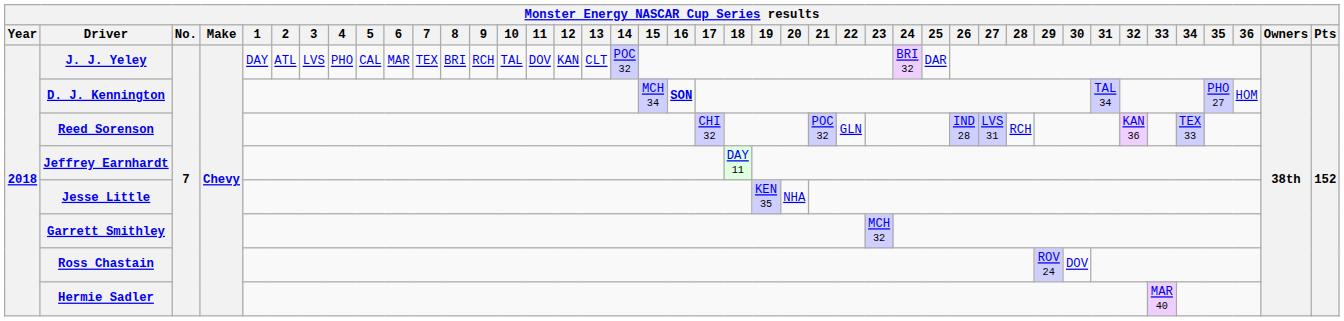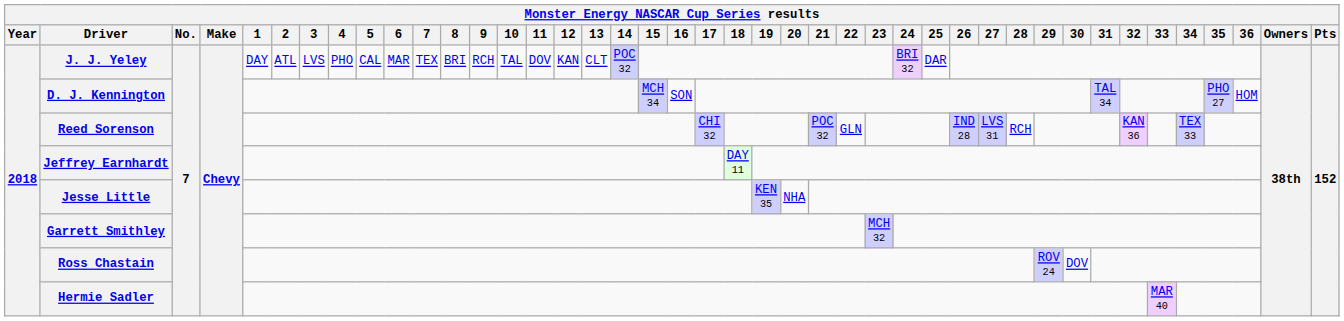 <table class="wikitable" style="text-align:center; font-size:75%">
 <tr>
 <th colspan=45><a href='#'>Monster Energy NASCAR Cup Series</a> results</th>
 </tr>
 <tr>
 <th>Year</th>
 <th>Driver</th>
 <th>No.</th>
 <th>Make</th>
 <th>1</th>
 <th>2</th>
 <th>3</th>
 <th>4</th>
 <th>5</th>
 <th>6</th>
 <th>7</th>
 <th>8</th>
 <th>9</th>
 <th>10</th>
 <th>11</th>
 <th>12</th>
 <th>13</th>
 <th>14</th>
 <th>15</th>
 <th>16</th>
 <th>17</th>
 <th>18</th>
 <th>19</th>
 <th>20</th>
 <th>21</th>
 <th>22</th>
 <th>23</th>
 <th>24</th>
 <th>25</th>
 <th>26</th>
 <th>27</th>
 <th>28</th>
 <th>29</th>
 <th>30</th>
 <th>31</th>
 <th>32</th>
 <th>33</th>
 <th>34</th>
 <th>35</th>
 <th>36</th>
 <th>Owners</th>
 <th>Pts</th>
 </tr>
 <tr>
 <th rowspan=8><a href='#'>2018</a></th>
 <th><a href='#'>J. J. Yeley</a></th>
 <th rowspan=8>7</th>
 <th rowspan=8><a href='#'>Chevy</a></th>
 <td><a href='#'>DAY</a></td>
 <td><a href='#'>ATL</a></td>
 <td><a href='#'>LVS</a></td>
 <td><a href='#'>PHO</a></td>
 <td><a href='#'>CAL</a></td>
 <td><a href='#'>MAR</a></td>
 <td><a href='#'>TEX</a></td>
 <td><a href='#'>BRI</a></td>
 <td><a href='#'>RCH</a></td>
 <td><a href='#'>TAL</a></td>
 <td><a href='#'>DOV</a></td>
 <td><a href='#'>KAN</a></td>
 <td><a href='#'>CLT</a></td>
 <td style="background:#CFCFFF;"><a href='#'>POC</a><br><small>32</small></td>
 <td colspan=9></td>
 <td style="background:#EFCFFF;"><a href='#'>BRI</a><br><small>32</small></td>
 <td><a href='#'>DAR</a></td>
 <td colspan=11></td>
 <th rowspan=8>38th</th>
 <th rowspan=8>152</th>
 </tr>
 <tr>
 <th><a href='#'>D. J. Kennington</a></th>
 <td colspan=14></td>
 <td style="background:#CFCFFF;"><a href='#'>MCH</a><br><small>34</small></td>
-<td><strong><a href='#'>SON</a></strong></td>
+<td><a href='#'>SON</a></td>
 <td colspan=14></td>
 <td style="background:#CFCFFF;"><a href='#'>TAL</a><br><small>34</small></td>
 <td colspan=3></td>
 <td style="background:#CFCFFF;"><a href='#'>PHO</a><br><small>27</small></td>
 <td><a href='#'>HOM</a></td>
 </tr>
 <tr>
 <th><a href='#'>Reed Sorenson</a></th>
 <td colspan=16></td>
 <td style="background:#CFCFFF;"><a href='#'>CHI</a><br><small>32</small></td>
 <td colspan=3></td>
 <td style="background:#CFCFFF;"><a href='#'>POC</a><br><small>32</small></td>
 <td><a href='#'>GLN</a></td>
 <td colspan=3></td>
 <td style="background:#CFCFFF;"><a href='#'>IND</a><br><small>28</small></td>
 <td style="background:#CFCFFF;"><a href='#'>LVS</a><br><small>31</small></td>
 <td><a href='#'>RCH</a></td>
 <td colspan=3></td>
 <td style="background:#EFCFFF;"><a href='#'>KAN</a><br><small>36</small></td>
 <td></td>
 <td style="background:#CFCFFF;"><a href='#'>TEX</a><br><small>33</small></td>
 <td colspan=2></td>
 </tr>
 <tr>
 <th><a href='#'>Jeffrey Earnhardt</a></th>
 <td colspan=17></td>
 <td style="background:#DFFFDF;"><a href='#'>DAY</a><br><small>11</small></td>
 <td colspan=18></td>
 </tr>
 <tr>
 <th><a href='#'>Jesse Little</a></th>
 <td colspan=18></td>
 <td style="background:#CFCFFF;"><a href='#'>KEN</a><br><small>35</small></td>
 <td><a href='#'>NHA</a></td>
 <td colspan=16></td>
 </tr>
 <tr>
 <th><a href='#'>Garrett Smithley</a></th>
 <td colspan=22></td>
 <td style="background:#CFCFFF;"><a href='#'>MCH</a><br><small>32</small></td>
 <td colspan=13></td>
 </tr>
 <tr>
 <th><a href='#'>Ross Chastain</a></th>
 <td colspan=28></td>
 <td style="background:#CFCFFF;"><a href='#'>ROV</a><br><small>24</small></td>
 <td><a href='#'>DOV</a></td>
 <td colspan=6></td>
 </tr>
 <tr>
 <th><a href='#'>Hermie Sadler</a></th>
 <td colspan=32></td>
 <td style="background:#EFCFFF;"><a href='#'>MAR</a><br><small>40</small></td>
 <td colspan=3></td>
 </tr>
 </table>
